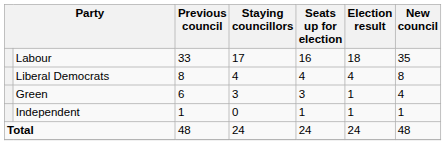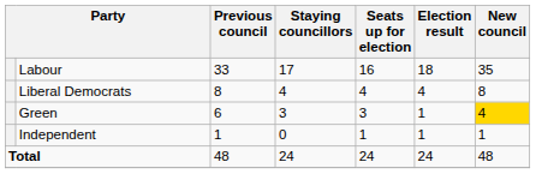 <table class="wikitable">
 <tr>
 <th valign=top colspan="2" style="width: 230px">Party</th>
 <th valign=top style="width: 30px">Previous council</th>
 <th valign=top style="width: 30px">Staying councillors</th>
 <th valign=top style="width: 30px">Seats up for election</th>
 <th valign=top style="width: 30px">Election result</th>
 <th valign=top style="width: 30px">New council</th>
 </tr>
 <tr>
 <th style="background-color: "></th>
 <td>Labour</td>
 <td>33</td>
 <td>17</td>
 <td>16</td>
 <td>18</td>
 <td>35</td>
 </tr>
 <tr>
 <th style="background-color: "></th>
 <td>Liberal Democrats</td>
 <td>8</td>
 <td>4</td>
 <td>4</td>
 <td>4</td>
 <td>8</td>
 </tr>
 <tr>
 <th style="background-color: "></th>
 <td>Green</td>
 <td>6</td>
 <td>3</td>
 <td>3</td>
 <td>1</td>
-<td>4</td>
+<td style="background: gold;">4</td>
 </tr>
 <tr>
 <th style="background-color: "></th>
 <td>Independent</td>
 <td>1</td>
 <td>0</td>
 <td>1</td>
 <td>1</td>
 <td>1</td>
 </tr>
 <tr>
 <td colspan="2"><strong>Total</strong></td>
 <td>48</td>
 <td>24</td>
 <td>24</td>
 <td>24</td>
 <td>48</td>
 </tr>
 <tr>
 </tr>
 </table>
